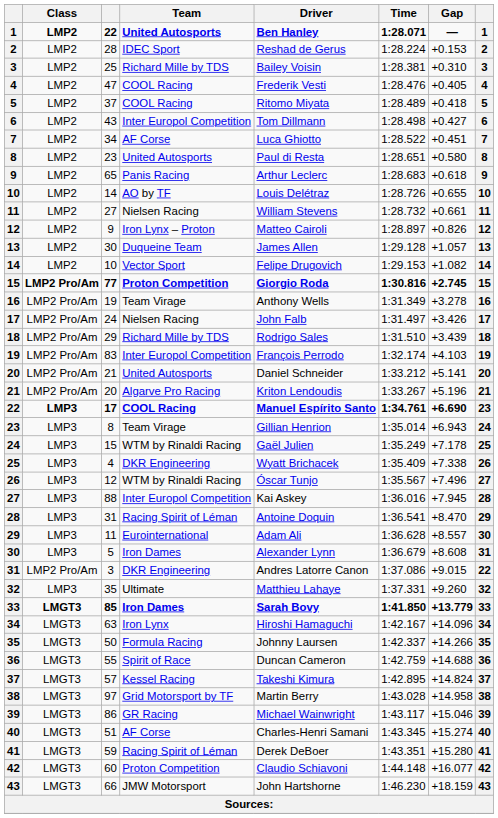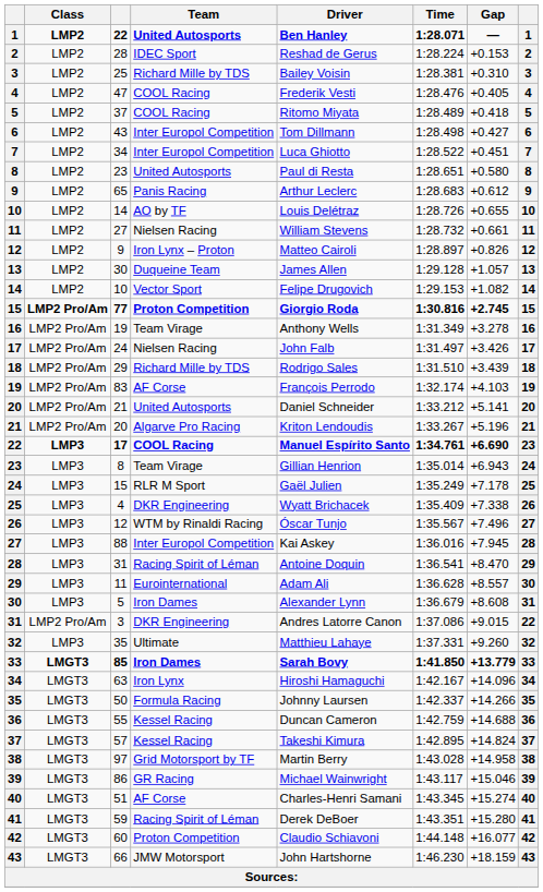 <table class="wikitable sortable" style="font-size: 90%;">
 <tr>
 <th></th>
 <th class="unsortable">Class</th>
 <th class="unsortable"></th>
 <th class="unsortable">Team</th>
 <th class="unsortable">Driver</th>
 <th class="unsortable">Time</th>
 <th class="unsortable">Gap</th>
 <th></th>
 </tr>
 <tr style="font-weight: bold;">
 <th>1</th>
 <td align="center">LMP2</td>
 <td align="center">22</td>
 <td> <a href='#'>United Autosports</a></td>
 <td> <a href='#'>Ben Hanley</a></td>
 <td>1:28.071</td>
 <td align="center">—</td>
 <th>1</th>
 </tr>
 <tr>
 <th>2</th>
 <td align="center">LMP2</td>
 <td align="center">28</td>
 <td> <a href='#'>IDEC Sport</a></td>
 <td> <a href='#'>Reshad de Gerus</a></td>
 <td>1:28.224</td>
 <td>+0.153</td>
 <th>2</th>
 </tr>
 <tr>
 <th>3</th>
 <td align="center">LMP2</td>
 <td align="center">25</td>
 <td> <a href='#'>Richard Mille by TDS</a></td>
 <td> <a href='#'>Bailey Voisin</a></td>
 <td>1:28.381</td>
 <td>+0.310</td>
 <th>3</th>
 </tr>
 <tr>
 <th>4</th>
 <td align="center">LMP2</td>
 <td align="center">47</td>
 <td> <a href='#'>COOL Racing</a></td>
 <td> <a href='#'>Frederik Vesti</a></td>
 <td>1:28.476</td>
 <td>+0.405</td>
 <th>4</th>
 </tr>
 <tr>
 <th>5</th>
 <td align="center">LMP2</td>
 <td align="center">37</td>
 <td> <a href='#'>COOL Racing</a></td>
 <td> <a href='#'>Ritomo Miyata</a></td>
 <td>1:28.489</td>
 <td>+0.418</td>
 <th>5</th>
 </tr>
 <tr>
 <th>6</th>
 <td align="center">LMP2</td>
 <td align="center">43</td>
 <td> <a href='#'>Inter Europol Competition</a></td>
 <td> <a href='#'>Tom Dillmann</a></td>
 <td>1:28.498</td>
 <td>+0.427</td>
 <th>6</th>
 </tr>
 <tr>
 <th>7</th>
 <td align="center">LMP2</td>
 <td align="center">34</td>
-<td> <a href='#'>AF Corse</a></td>
+<td> <a href='#'>Inter Europol Competition</a></td>
 <td> <a href='#'>Luca Ghiotto</a></td>
 <td>1:28.522</td>
 <td>+0.451</td>
 <th>7</th>
 </tr>
 <tr>
 <th>8</th>
 <td align="center">LMP2</td>
 <td align="center">23</td>
 <td> <a href='#'>United Autosports</a></td>
 <td> <a href='#'>Paul di Resta</a></td>
 <td>1:28.651</td>
 <td>+0.580</td>
 <th>8</th>
 </tr>
 <tr>
 <th>9</th>
 <td align="center">LMP2</td>
 <td align="center">65</td>
 <td> <a href='#'>Panis Racing</a></td>
 <td> <a href='#'>Arthur Leclerc</a></td>
 <td>1:28.683</td>
-<td>+0.618</td>
+<td>+0.612</td>
 <th>9</th>
 </tr>
 <tr>
 <th>10</th>
 <td align="center">LMP2</td>
 <td align="center">14</td>
 <td> <a href='#'>AO</a> by <a href='#'>TF</a></td>
 <td> <a href='#'>Louis Delétraz</a></td>
 <td>1:28.726</td>
 <td>+0.655</td>
 <th>10</th>
 </tr>
 <tr>
 <th>11</th>
 <td align="center">LMP2</td>
 <td align="center">27</td>
 <td> Nielsen Racing</td>
 <td> <a href='#'>William Stevens</a></td>
 <td>1:28.732</td>
 <td>+0.661</td>
 <th>11</th>
 </tr>
 <tr>
 <th>12</th>
 <td align="center">LMP2</td>
 <td align="center">9</td>
 <td> <a href='#'>Iron Lynx</a> – <a href='#'>Proton</a></td>
 <td> <a href='#'>Matteo Cairoli</a></td>
 <td>1:28.897</td>
 <td>+0.826</td>
 <th>12</th>
 </tr>
 <tr>
 <th>13</th>
 <td align="center">LMP2</td>
 <td align="center">30</td>
 <td> <a href='#'>Duqueine Team</a></td>
 <td> <a href='#'>James Allen</a></td>
 <td>1:29.128</td>
 <td>+1.057</td>
 <th>13</th>
 </tr>
 <tr>
 <th>14</th>
 <td align="center">LMP2</td>
 <td align="center">10</td>
 <td> <a href='#'>Vector Sport</a></td>
 <td> <a href='#'>Felipe Drugovich</a></td>
 <td>1:29.153</td>
 <td>+1.082</td>
 <th>14</th>
 </tr>
 <tr style="font-weight: bold;">
 <th>15</th>
 <td align="center">LMP2 Pro/Am</td>
 <td align="center">77</td>
 <td> <a href='#'>Proton Competition</a></td>
 <td> <a href='#'>Giorgio Roda</a></td>
 <td>1:30.816</td>
 <td>+2.745</td>
 <th>15</th>
 </tr>
 <tr>
 <th>16</th>
 <td align="center">LMP2 Pro/Am</td>
 <td align="center">19</td>
 <td> Team Virage</td>
 <td> Anthony Wells</td>
 <td>1:31.349</td>
 <td>+3.278</td>
 <th>16</th>
 </tr>
 <tr>
 <th>17</th>
 <td align="center">LMP2 Pro/Am</td>
 <td align="center">24</td>
 <td> Nielsen Racing</td>
 <td> <a href='#'>John Falb</a></td>
 <td>1:31.497</td>
 <td>+3.426</td>
 <th>17</th>
 </tr>
 <tr>
 <th>18</th>
 <td align="center">LMP2 Pro/Am</td>
 <td align="center">29</td>
 <td> <a href='#'>Richard Mille by TDS</a></td>
 <td> <a href='#'>Rodrigo Sales</a></td>
 <td>1:31.510</td>
 <td>+3.439</td>
 <th>18</th>
 </tr>
 <tr>
 <th>19</th>
 <td align="center">LMP2 Pro/Am</td>
 <td align="center">83</td>
-<td> <a href='#'>Inter Europol Competition</a></td>
+<td> <a href='#'>AF Corse</a></td>
 <td> <a href='#'>François Perrodo</a></td>
 <td>1:32.174</td>
 <td>+4.103</td>
 <th>19</th>
 </tr>
 <tr>
 <th>20</th>
 <td align="center">LMP2 Pro/Am</td>
 <td align="center">21</td>
 <td> <a href='#'>United Autosports</a></td>
 <td> Daniel Schneider</td>
 <td>1:33.212</td>
 <td>+5.141</td>
 <th>20</th>
 </tr>
 <tr>
 <th>21</th>
 <td align="center">LMP2 Pro/Am</td>
 <td align="center">20</td>
 <td> <a href='#'>Algarve Pro Racing</a></td>
 <td> <a href='#'>Kriton Lendoudis</a></td>
 <td>1:33.267</td>
 <td>+5.196</td>
 <th>21</th>
 </tr>
 <tr style="font-weight: bold;">
 <th>22</th>
 <td align="center">LMP3</td>
 <td align="center">17</td>
 <td> <a href='#'>COOL Racing</a></td>
 <td> <a href='#'>Manuel Espírito Santo</a></td>
 <td>1:34.761</td>
 <td>+6.690</td>
 <th>23</th>
 </tr>
 <tr>
 <th>23</th>
 <td align="center">LMP3</td>
 <td align="center">8</td>
 <td> Team Virage</td>
 <td> <a href='#'>Gillian Henrion</a></td>
 <td>1:35.014</td>
 <td>+6.943</td>
 <th>24</th>
 </tr>
 <tr>
 <th>24</th>
 <td align="center">LMP3</td>
 <td align="center">15</td>
-<td> WTM by Rinaldi Racing</td>
+<td> RLR M Sport</td>
 <td> <a href='#'>Gaël Julien</a></td>
 <td>1:35.249</td>
 <td>+7.178</td>
 <th>25</th>
 </tr>
 <tr>
 <th>25</th>
 <td align="center">LMP3</td>
 <td align="center">4</td>
 <td> <a href='#'>DKR Engineering</a></td>
 <td> <a href='#'>Wyatt Brichacek</a></td>
 <td>1:35.409</td>
 <td>+7.338</td>
 <th>26</th>
 </tr>
 <tr>
 <th>26</th>
 <td align="center">LMP3</td>
 <td align="center">12</td>
 <td> WTM by Rinaldi Racing</td>
 <td> <a href='#'>Óscar Tunjo</a></td>
 <td>1:35.567</td>
 <td>+7.496</td>
 <th>27</th>
 </tr>
 <tr>
 <th>27</th>
 <td align="center">LMP3</td>
 <td align="center">88</td>
 <td> <a href='#'>Inter Europol Competition</a></td>
 <td> Kai Askey</td>
 <td>1:36.016</td>
 <td>+7.945</td>
 <th>28</th>
 </tr>
 <tr>
 <th>28</th>
 <td align="center">LMP3</td>
 <td align="center">31</td>
 <td> <a href='#'>Racing Spirit of Léman</a></td>
 <td> <a href='#'>Antoine Doquin</a></td>
 <td>1:36.541</td>
 <td>+8.470</td>
 <th>29</th>
 </tr>
 <tr>
 <th>29</th>
 <td align="center">LMP3</td>
 <td align="center">11</td>
 <td> <a href='#'>Eurointernational</a></td>
 <td> <a href='#'>Adam Ali</a></td>
 <td>1:36.628</td>
 <td>+8.557</td>
 <th>30</th>
 </tr>
 <tr>
 <th>30</th>
 <td align="center">LMP3</td>
 <td align="center">5</td>
 <td> <a href='#'>Iron Dames</a></td>
 <td> <a href='#'>Alexander Lynn</a></td>
 <td>1:36.679</td>
 <td>+8.608</td>
 <th>31</th>
 </tr>
 <tr>
 <th>31</th>
 <td align="center">LMP2 Pro/Am</td>
 <td align="center">3</td>
 <td> <a href='#'>DKR Engineering</a></td>
 <td> Andres Latorre Canon</td>
 <td>1:37.086</td>
 <td>+9.015</td>
 <th>22</th>
 </tr>
 <tr>
 <th>32</th>
 <td align="center">LMP3</td>
 <td align="center">35</td>
 <td> Ultimate</td>
 <td> <a href='#'>Matthieu Lahaye</a></td>
 <td>1:37.331</td>
 <td>+9.260</td>
 <th>32</th>
 </tr>
 <tr style="font-weight: bold;">
 <th>33</th>
 <td align="center">LMGT3</td>
 <td align="center">85</td>
 <td> <a href='#'>Iron Dames</a></td>
 <td> <a href='#'>Sarah Bovy</a></td>
 <td>1:41.850</td>
 <td>+13.779</td>
 <th>33</th>
 </tr>
 <tr>
 <th>34</th>
 <td align="center">LMGT3</td>
 <td align="center">63</td>
 <td> <a href='#'>Iron Lynx</a></td>
 <td> <a href='#'>Hiroshi Hamaguchi</a></td>
 <td>1:42.167</td>
 <td>+14.096</td>
 <th>34</th>
 </tr>
 <tr>
 <th>35</th>
 <td align="center">LMGT3</td>
 <td align="center">50</td>
 <td> <a href='#'>Formula Racing</a></td>
 <td> Johnny Laursen</td>
 <td>1:42.337</td>
 <td>+14.266</td>
 <th>35</th>
 </tr>
 <tr>
 <th>36</th>
 <td align="center">LMGT3</td>
 <td align="center">55</td>
-<td> <a href='#'>Spirit of Race</a></td>
+<td> <a href='#'>Kessel Racing</a></td>
 <td> Duncan Cameron</td>
 <td>1:42.759</td>
 <td>+14.688</td>
 <th>36</th>
 </tr>
 <tr>
 <th>37</th>
 <td align="center">LMGT3</td>
 <td align="center">57</td>
 <td> <a href='#'>Kessel Racing</a></td>
 <td> <a href='#'>Takeshi Kimura</a></td>
 <td>1:42.895</td>
 <td>+14.824</td>
 <th>37</th>
 </tr>
 <tr>
 <th>38</th>
 <td align="center">LMGT3</td>
 <td align="center">97</td>
 <td> <a href='#'>Grid Motorsport by TF</a></td>
 <td> Martin Berry</td>
 <td>1:43.028</td>
 <td>+14.958</td>
 <th>38</th>
 </tr>
 <tr>
 <th>39</th>
 <td align="center">LMGT3</td>
 <td align="center">86</td>
 <td> <a href='#'>GR Racing</a></td>
 <td> <a href='#'>Michael Wainwright</a></td>
 <td>1:43.117</td>
 <td>+15.046</td>
 <th>39</th>
 </tr>
 <tr>
 <th>40</th>
 <td align="center">LMGT3</td>
 <td align="center">51</td>
 <td> <a href='#'>AF Corse</a></td>
 <td> Charles-Henri Samani</td>
 <td>1:43.345</td>
 <td>+15.274</td>
 <th>40</th>
 </tr>
 <tr>
 <th>41</th>
 <td align="center">LMGT3</td>
 <td align="center">59</td>
 <td> <a href='#'>Racing Spirit of Léman</a></td>
 <td> Derek DeBoer</td>
 <td>1:43.351</td>
 <td>+15.280</td>
 <th>41</th>
 </tr>
 <tr>
 <th>42</th>
 <td align="center">LMGT3</td>
 <td align="center">60</td>
 <td> <a href='#'>Proton Competition</a></td>
 <td> <a href='#'>Claudio Schiavoni</a></td>
 <td>1:44.148</td>
 <td>+16.077</td>
 <th>42</th>
 </tr>
 <tr>
 <th>43</th>
 <td align="center">LMGT3</td>
 <td align="center">66</td>
 <td> JMW Motorsport</td>
 <td> John Hartshorne</td>
 <td>1:46.230</td>
 <td>+18.159</td>
 <th>43</th>
 </tr>
 <tr>
 <th colspan="8">Sources:</th>
 </tr>
 <tr>
 </tr>
 </table>
